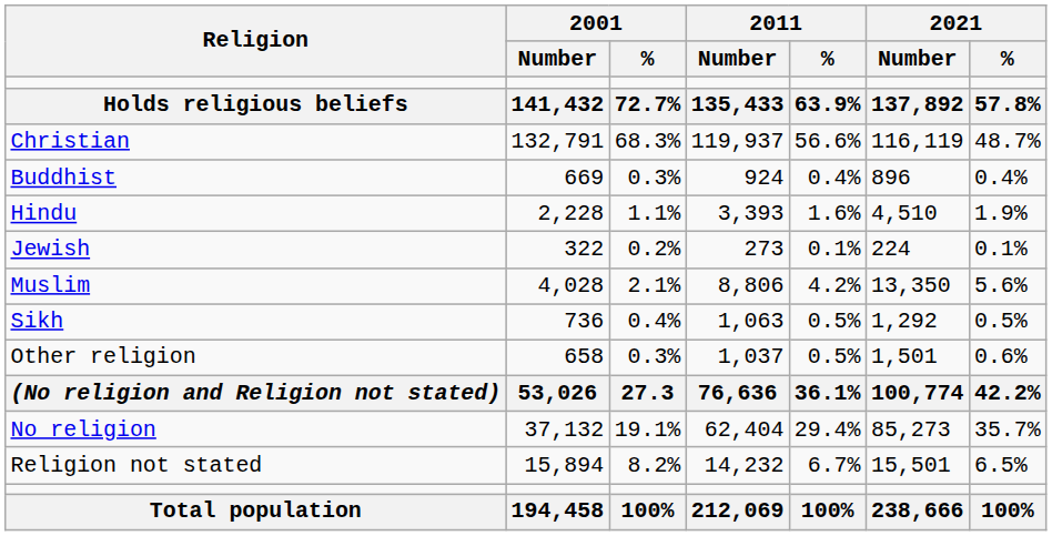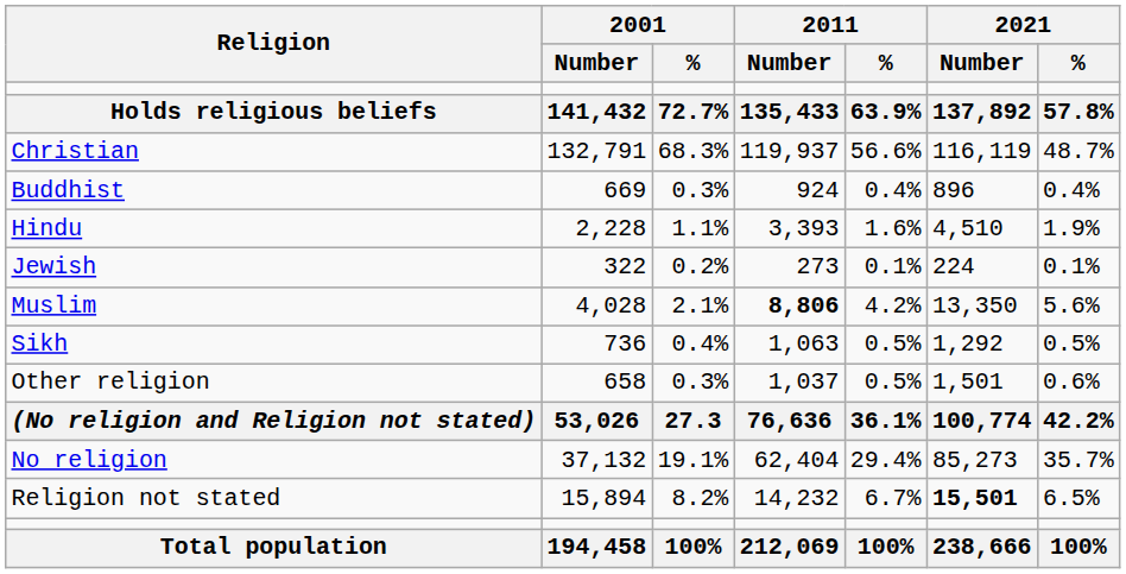 <table class="wikitable sortable mw-collapsible mw-collapsed">
 <tr>
 <th rowspan="2">Religion</th>
 <th colspan="2">2001</th>
 <th colspan="2">2011</th>
 <th colspan="2">2021</th>
 </tr>
 <tr>
 <th>Number</th>
 <th>%</th>
 <th>Number</th>
 <th>%</th>
 <th>Number</th>
 <th>%</th>
 </tr>
 <tr>
 <td></td>
 <td></td>
 <td></td>
 <td></td>
 <td></td>
 <td></td>
 <td></td>
 </tr>
 <tr>
 <th>Holds religious beliefs</th>
 <th>141,432</th>
 <th>72.7%</th>
 <th>135,433</th>
 <th>63.9%</th>
 <th>137,892</th>
 <th>57.8%</th>
 </tr>
 <tr>
 <td> <a href='#'>Christian</a></td>
 <td align="right">132,791</td>
 <td align="right">68.3%</td>
 <td align="right">119,937</td>
 <td align="right">56.6%</td>
 <td>116,119</td>
 <td>48.7%</td>
 </tr>
 <tr>
 <td> <a href='#'>Buddhist</a></td>
 <td align="right">669</td>
 <td align="right">0.3%</td>
 <td align="right">924</td>
 <td align="right">0.4%</td>
 <td>896</td>
 <td>0.4%</td>
 </tr>
 <tr>
 <td> <a href='#'>Hindu</a></td>
 <td align="right">2,228</td>
 <td align="right">1.1%</td>
 <td align="right">3,393</td>
 <td align="right">1.6%</td>
 <td>4,510</td>
 <td>1.9%</td>
 </tr>
 <tr>
 <td> <a href='#'>Jewish</a></td>
 <td align="right">322</td>
 <td align="right">0.2%</td>
 <td align="right">273</td>
 <td align="right">0.1%</td>
 <td>224</td>
 <td>0.1%</td>
 </tr>
 <tr>
 <td> <a href='#'>Muslim</a></td>
 <td align="right">4,028</td>
 <td align="right">2.1%</td>
-<td align="right">8,806</td>
+<td align="right"><strong>8,806</strong></td>
 <td align="right">4.2%</td>
 <td>13,350</td>
 <td>5.6%</td>
 </tr>
 <tr>
 <td> <a href='#'>Sikh</a></td>
 <td align="right">736</td>
 <td align="right">0.4%</td>
 <td align="right">1,063</td>
 <td align="right">0.5%</td>
 <td>1,292</td>
 <td>0.5%</td>
 </tr>
 <tr>
 <td>Other religion</td>
 <td align="right">658</td>
 <td align="right">0.3%</td>
 <td align="right">1,037</td>
 <td align="right">0.5%</td>
 <td>1,501</td>
 <td>0.6%</td>
 </tr>
 <tr>
 <th><em>(No religion and Religion not stated)</em></th>
 <th align="right">53,026</th>
 <th align="right">27.3</th>
 <th align="right">76,636</th>
 <th align="right">36.1%</th>
 <th>100,774</th>
 <th>42.2%</th>
 </tr>
 <tr>
 <td><a href='#'>No religion</a></td>
 <td align="right">37,132</td>
 <td align="right">19.1%</td>
 <td align="right">62,404</td>
 <td align="right">29.4%</td>
 <td>85,273</td>
 <td>35.7%</td>
 </tr>
 <tr>
 <td>Religion not stated</td>
 <td align="right">15,894</td>
 <td align="right">8.2%</td>
 <td align="right">14,232</td>
 <td align="right">6.7%</td>
-<td>15,501</td>
+<td><strong>15,501</strong></td>
 <td>6.5%</td>
 </tr>
 <tr>
 <td></td>
 <td></td>
 <td></td>
 <td></td>
 <td></td>
 <td></td>
 <td></td>
 </tr>
 <tr>
 <th>Total population</th>
 <th align="right">194,458</th>
 <th align="right">100%</th>
 <th align="right">212,069</th>
 <th align="right">100%</th>
 <th>238,666</th>
 <th>100%</th>
 </tr>
 </table>
